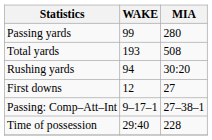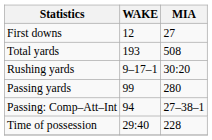 <table class="wikitable" style="float: left;">
 <tr>
 <th>Statistics</th>
 <th>WAKE</th>
 <th>MIA</th>
 </tr>
 <tr>
-<td>Passing yards</td>
-<td>99</td>
-<td>280</td>
+<td>First downs</td>
+<td>12</td>
+<td>27</td>
 </tr>
 <tr>
 <td>Total yards</td>
 <td>193</td>
 <td>508</td>
 </tr>
 <tr>
 <td>Rushing yards</td>
-<td>94</td>
+<td>9–17–1</td>
 <td>30:20</td>
 </tr>
 <tr>
-<td>First downs</td>
-<td>12</td>
-<td>27</td>
+<td>Passing yards</td>
+<td>99</td>
+<td>280</td>
 </tr>
 <tr>
 <td>Passing: Comp–Att–Int</td>
-<td>9–17–1</td>
+<td>94</td>
 <td>27–38–1</td>
 </tr>
 <tr>
 <td>Time of possession</td>
 <td>29:40</td>
 <td>228</td>
 </tr>
 <tr>
 </tr>
 </table>
